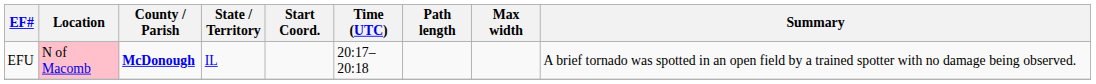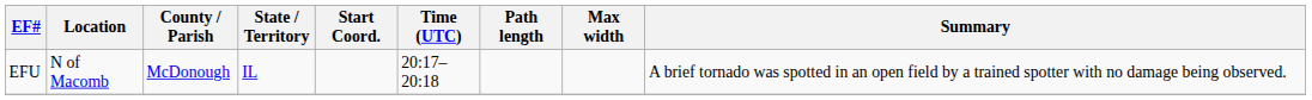 <table class="wikitable sortable" style="width:100%;">
 <tr>
 <th scope="col"  style="width:3%; text-align:center;"><a href='#'>EF#</a></th>
 <th scope="col"  style="width:7%; text-align:center;" class="unsortable">Location</th>
 <th scope="col"  style="width:6%; text-align:center;" class="unsortable">County / Parish</th>
 <th scope="col"  style="width:5%; text-align:center;">State / Territory</th>
 <th scope="col"  style="width:6%; text-align:center;">Start Coord.</th>
 <th scope="col"  style="width:6%; text-align:center;">Time (<a href='#'>UTC</a>)</th>
 <th scope="col"  style="width:6%; text-align:center;">Path length</th>
 <th scope="col"  style="width:6%; text-align:center;">Max width</th>
 <th scope="col" class="unsortable" style="width:48%; text-align:center;">Summary</th>
 </tr>
 <tr>
 <td>EFU</td>
-<td style="background: pink;">N of <a href='#'>Macomb</a></td>
-<td><strong><a href='#'>McDonough</a></strong></td>
+<td>N of <a href='#'>Macomb</a></td>
+<td><a href='#'>McDonough</a></td>
 <td><a href='#'>IL</a></td>
 <td></td>
 <td>20:17–20:18</td>
 <td></td>
 <td></td>
 <td>A brief tornado was spotted in an open field by a trained spotter with no damage being observed.</td>
 </tr>
 <tr>
 </tr>
 </table>
